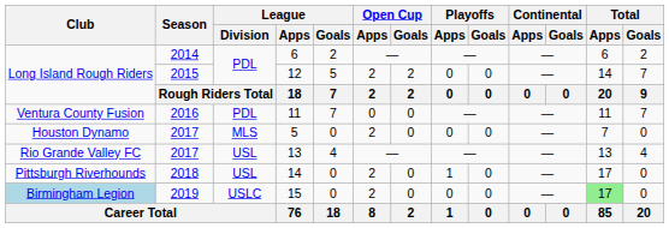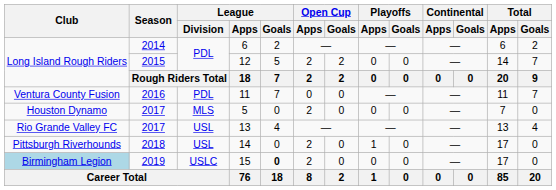 <table class="wikitable" style="text-align:center">
 <tr>
 <th rowspan="2">Club</th>
 <th rowspan="2">Season</th>
 <th colspan="3">League</th>
 <th colspan="2"><a href='#'>Open Cup</a></th>
 <th colspan="2">Playoffs</th>
 <th colspan="2">Continental</th>
 <th colspan="2">Total</th>
 </tr>
 <tr>
 <th>Division</th>
 <th>Apps</th>
 <th>Goals</th>
 <th>Apps</th>
 <th>Goals</th>
 <th>Apps</th>
 <th>Goals</th>
 <th>Apps</th>
 <th>Goals</th>
 <th>Apps</th>
 <th>Goals</th>
 </tr>
 <tr>
 <td rowspan="3"><a href='#'>Long Island Rough Riders</a></td>
 <td><a href='#'>2014</a></td>
 <td rowspan="2"><a href='#'>PDL</a></td>
 <td>6</td>
 <td>2</td>
 <td colspan="2">—</td>
 <td colspan="2">—</td>
 <td colspan="2">—</td>
 <td>6</td>
 <td>2</td>
 </tr>
 <tr>
 <td><a href='#'>2015</a></td>
 <td>12</td>
 <td>5</td>
 <td>2</td>
 <td>2</td>
 <td>0</td>
 <td>0</td>
 <td colspan="2">—</td>
 <td>14</td>
 <td>7</td>
 </tr>
 <tr>
 <th colspan="2">Rough Riders Total</th>
 <th>18</th>
 <th>7</th>
 <th>2</th>
 <th>2</th>
 <th>0</th>
 <th>0</th>
 <th>0</th>
 <th>0</th>
 <th>20</th>
 <th>9</th>
 </tr>
 <tr>
 <td><a href='#'>Ventura County Fusion</a></td>
 <td><a href='#'>2016</a></td>
 <td><a href='#'>PDL</a></td>
 <td>11</td>
 <td>7</td>
 <td>0</td>
 <td>0</td>
 <td colspan="2">—</td>
 <td colspan="2">—</td>
 <td>11</td>
 <td>7</td>
 </tr>
 <tr>
 <td><a href='#'>Houston Dynamo</a></td>
 <td><a href='#'>2017</a></td>
 <td><a href='#'>MLS</a></td>
 <td>5</td>
 <td>0</td>
 <td>2</td>
 <td>0</td>
 <td>0</td>
 <td>0</td>
 <td colspan="2">—</td>
 <td>7</td>
 <td>0</td>
 </tr>
 <tr>
 <td><a href='#'>Rio Grande Valley FC</a></td>
 <td><a href='#'>2017</a></td>
 <td><a href='#'>USL</a></td>
 <td>13</td>
 <td>4</td>
 <td colspan="2">—</td>
 <td colspan="2">—</td>
 <td colspan="2">—</td>
 <td>13</td>
 <td>4</td>
 </tr>
 <tr>
 <td><a href='#'>Pittsburgh Riverhounds</a></td>
 <td><a href='#'>2018</a></td>
 <td><a href='#'>USL</a></td>
 <td>14</td>
 <td>0</td>
 <td>2</td>
 <td>0</td>
 <td>1</td>
 <td>0</td>
 <td colspan="2">—</td>
 <td>17</td>
 <td>0</td>
 </tr>
 <tr>
 <td style="background: lightblue;"><a href='#'>Birmingham Legion</a></td>
 <td><a href='#'>2019</a></td>
 <td><a href='#'>USLC</a></td>
 <td>15</td>
-<td>0</td>
+<td><strong>0</strong></td>
 <td>2</td>
 <td>0</td>
 <td>0</td>
 <td>0</td>
 <td colspan="2">—</td>
-<td style="background: lightgreen;">17</td>
+<td>17</td>
 <td>0</td>
 </tr>
 <tr>
 <th colspan="3">Career Total</th>
 <th>76</th>
 <th>18</th>
 <th>8</th>
 <th>2</th>
 <th>1</th>
 <th>0</th>
 <th>0</th>
 <th>0</th>
 <th>85</th>
 <th>20</th>
 </tr>
 </table>
